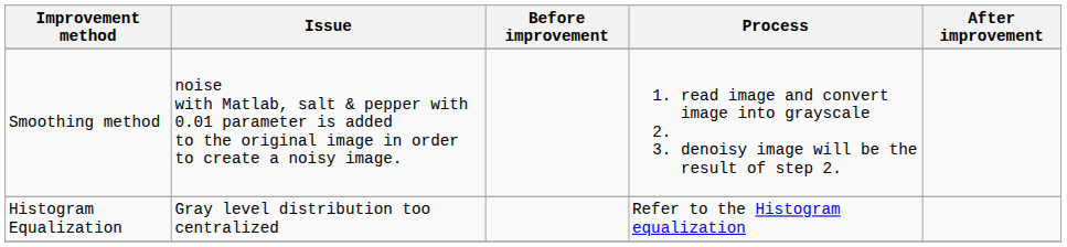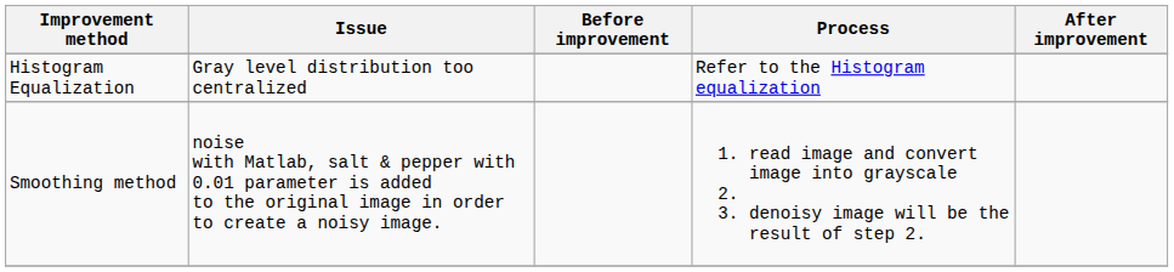 <table class="wikitable">
 <tr>
 <th>Improvement method</th>
 <th>Issue</th>
 <th>Before improvement</th>
 <th>Process</th>
 <th>After improvement</th>
+</tr>
+<tr>
+</tr>
+<tr>
+<td>Histogram Equalization</td>
+<td>Gray level distribution too centralized</td>
+<td></td>
+<td>Refer to the <a href='#'>Histogram equalization</a></td>
+<td></td>
 </tr>
 <tr>
 </tr>
 <tr>
 <td>Smoothing method</td>
 <td>noise<br>with Matlab, salt & pepper with 0.01 parameter is added<br> to the original image in order to create a noisy image.</td>
 <td></td>
 <td><br><ol><li>read image and convert image into grayscale</li><li></li><li>denoisy image will be the result of step 2.</li></ol></td>
 <td></td>
 </tr>
 <tr>
 </tr>
-<tr>
-<td>Histogram Equalization</td>
-<td>Gray level distribution too centralized</td>
-<td></td>
-<td>Refer to the <a href='#'>Histogram equalization</a></td>
-<td></td>
-</tr>
-<tr>
-</tr>
 </table>
